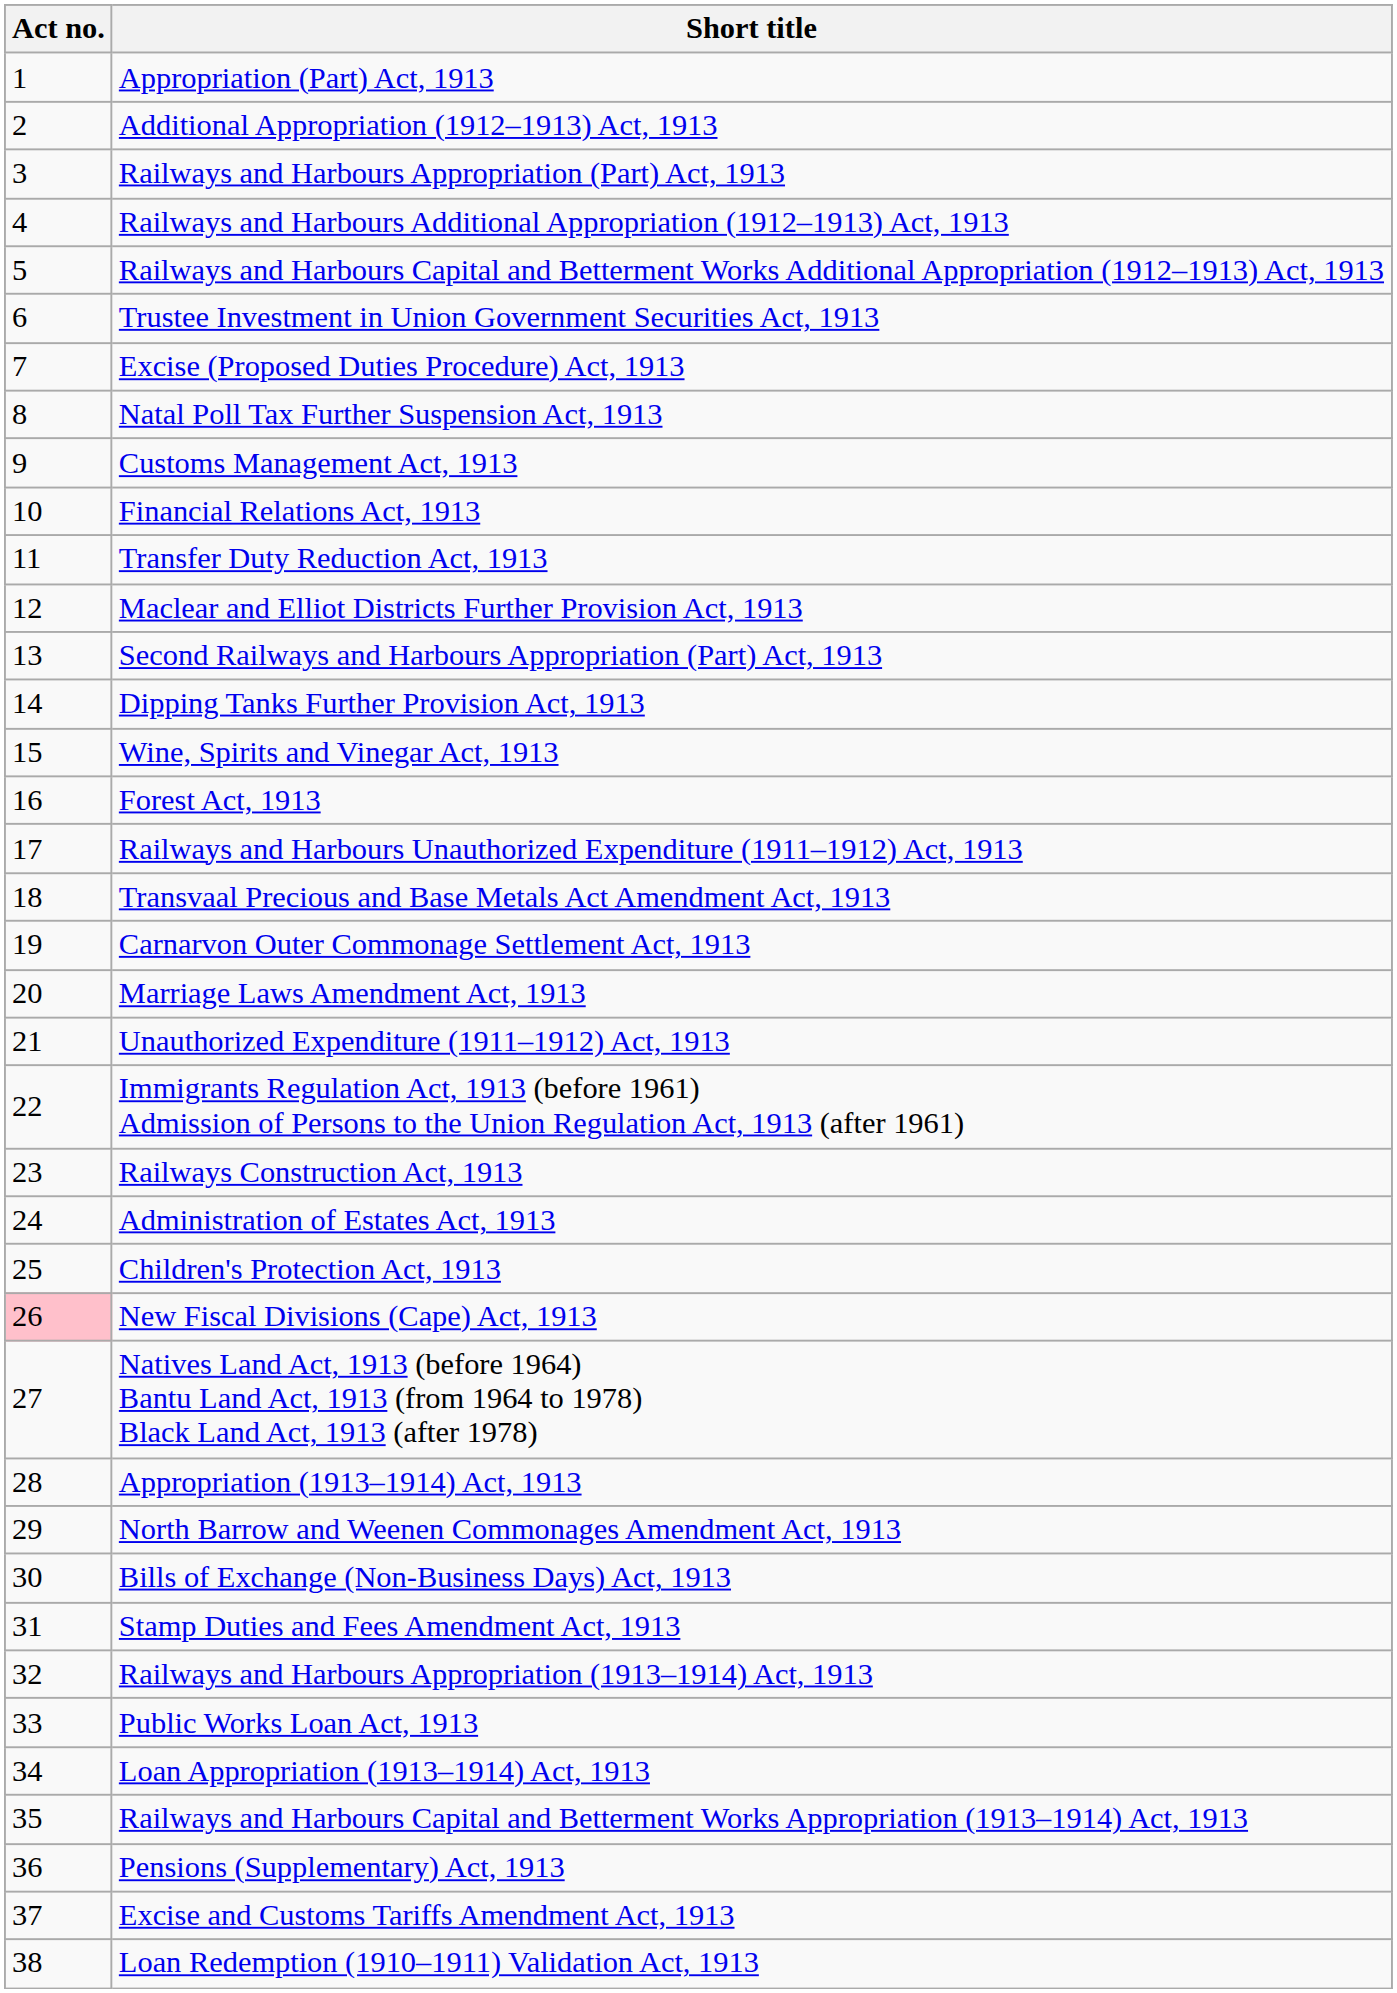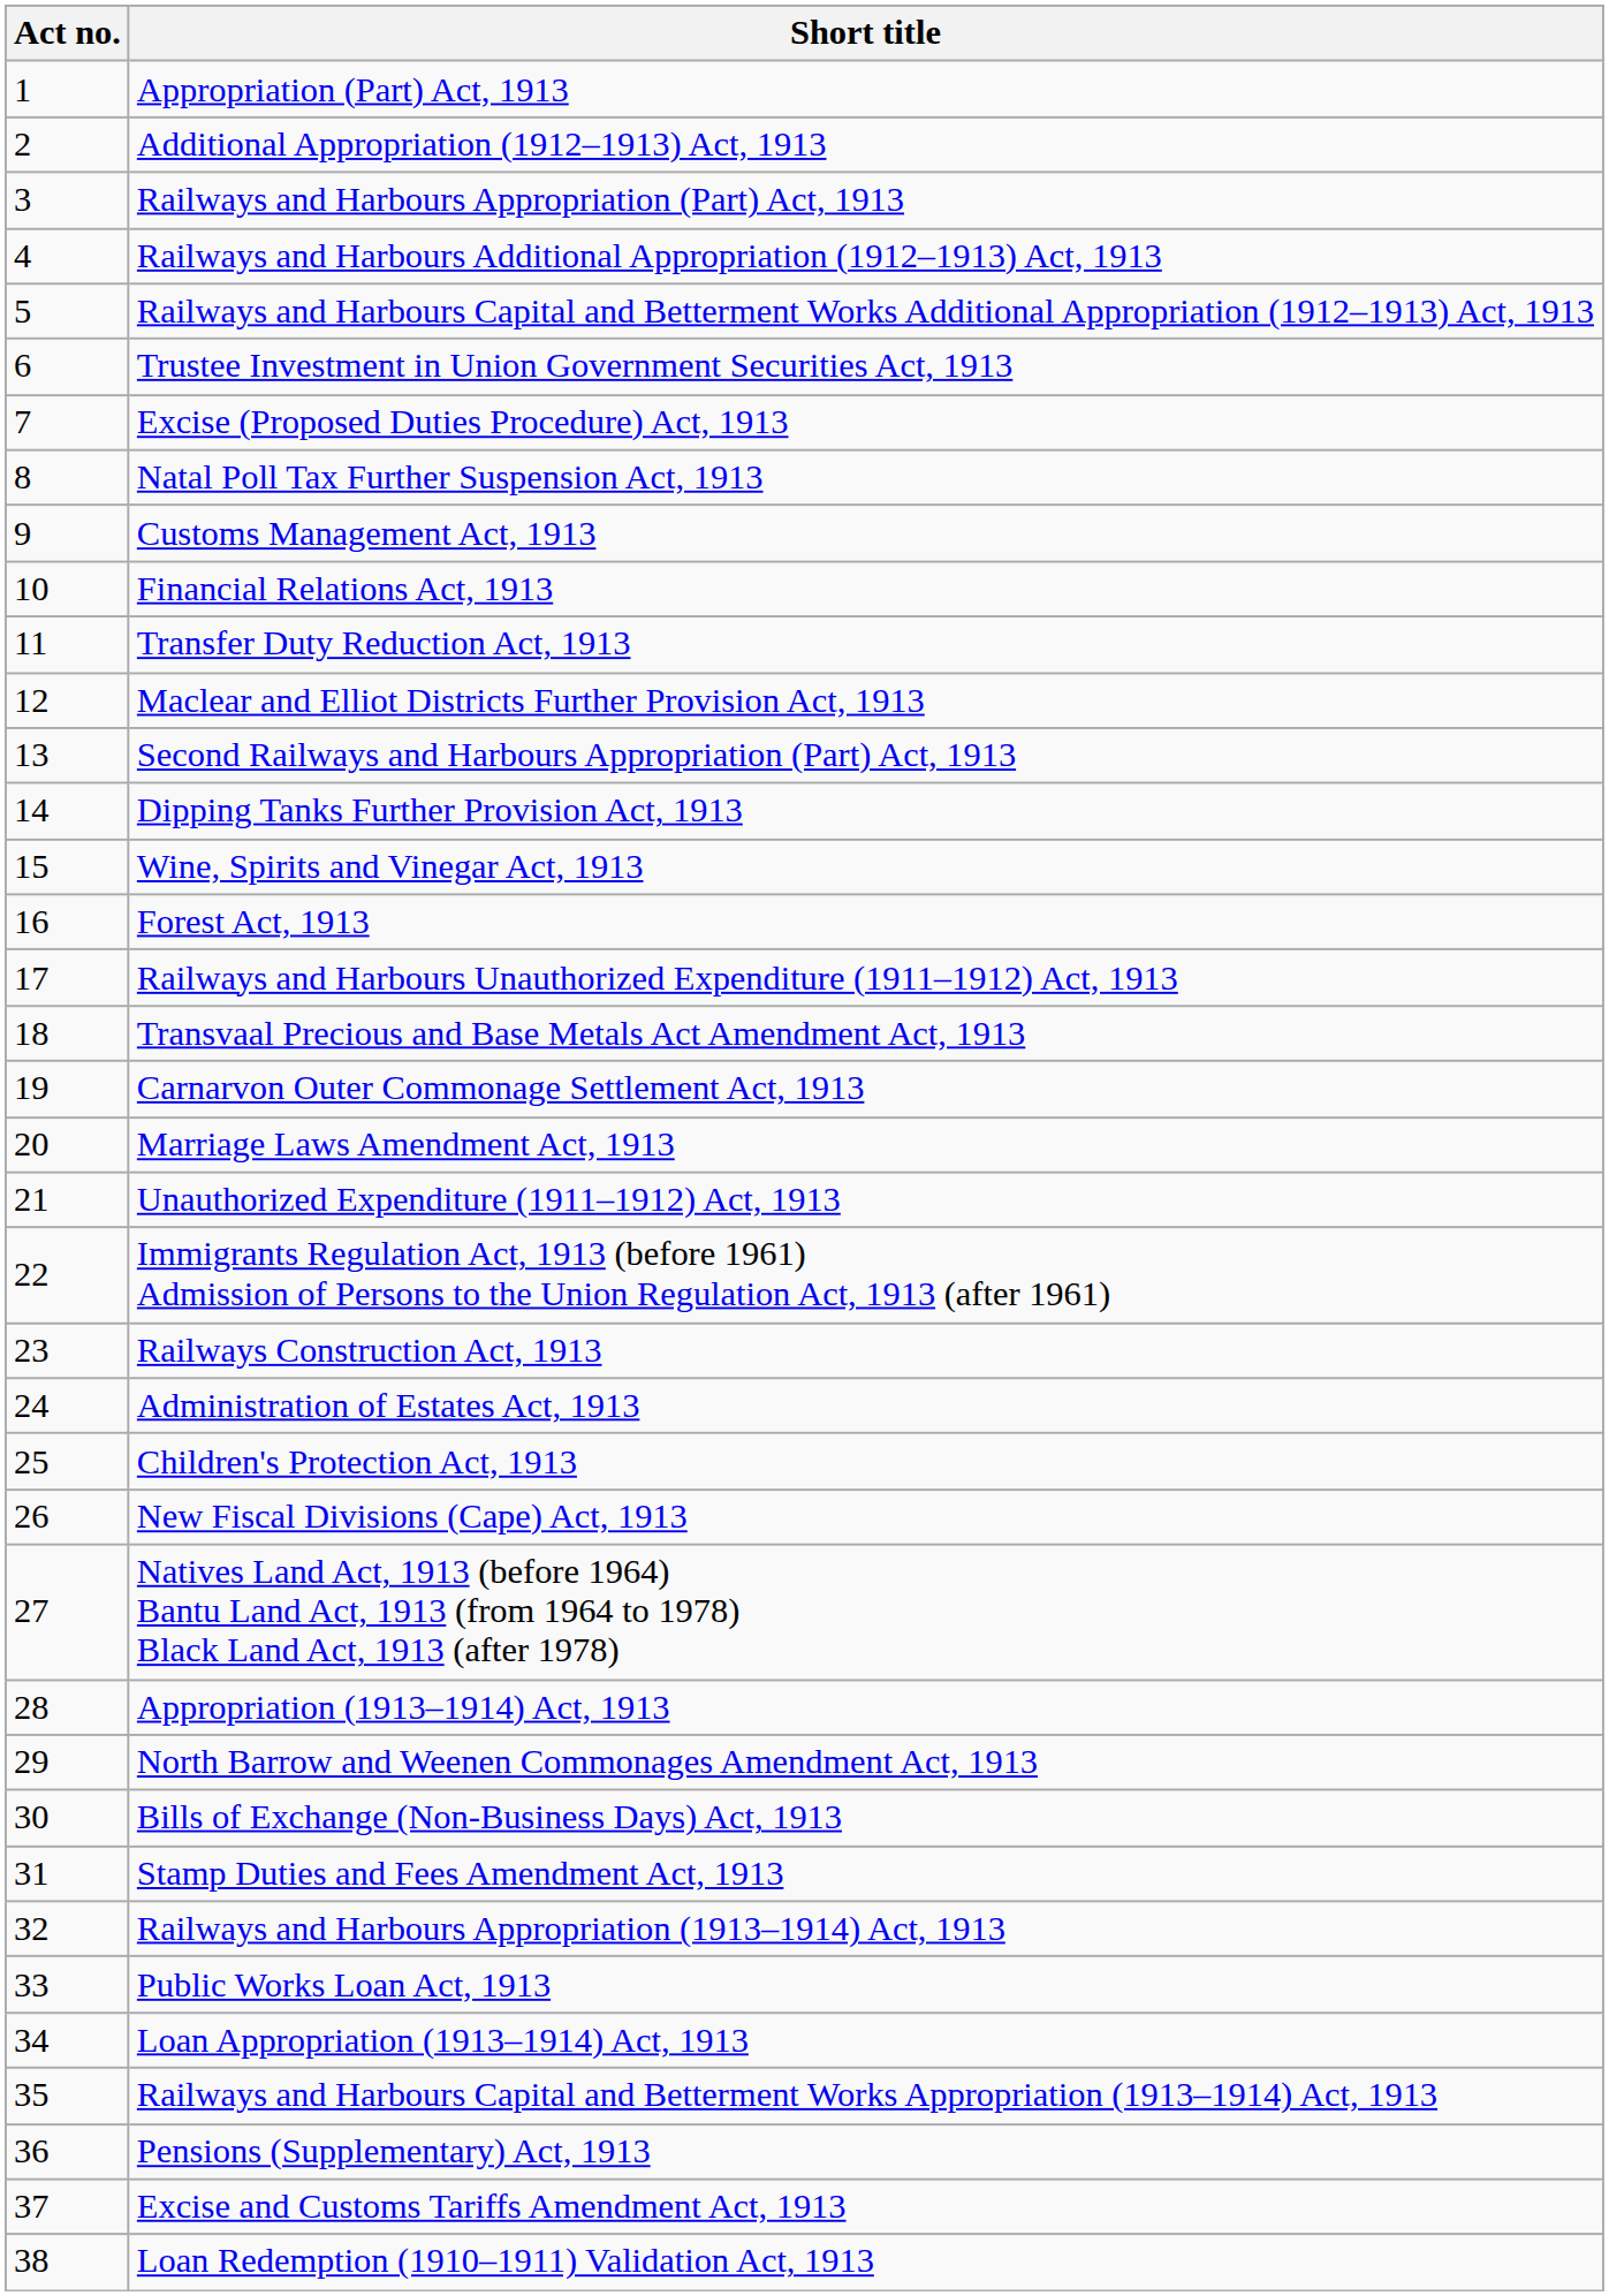 <table class="wikitable sortable">
 <tr>
 <th>Act no.</th>
 <th>Short title</th>
 </tr>
 <tr>
 <td>1</td>
 <td><a href='#'>Appropriation (Part) Act, 1913</a></td>
 </tr>
 <tr>
 <td>2</td>
 <td><a href='#'>Additional Appropriation (1912–1913) Act, 1913</a></td>
 </tr>
 <tr>
 <td>3</td>
 <td><a href='#'>Railways and Harbours Appropriation (Part) Act, 1913</a></td>
 </tr>
 <tr>
 <td>4</td>
 <td><a href='#'>Railways and Harbours Additional Appropriation (1912–1913) Act, 1913</a></td>
 </tr>
 <tr>
 <td>5</td>
 <td><a href='#'>Railways and Harbours Capital and Betterment Works Additional Appropriation (1912–1913) Act, 1913</a></td>
 </tr>
 <tr>
 <td>6</td>
 <td><a href='#'>Trustee Investment in Union Government Securities Act, 1913</a></td>
 </tr>
 <tr>
 <td>7</td>
 <td><a href='#'>Excise (Proposed Duties Procedure) Act, 1913</a></td>
 </tr>
 <tr>
 <td>8</td>
 <td><a href='#'>Natal Poll Tax Further Suspension Act, 1913</a></td>
 </tr>
 <tr>
 <td>9</td>
 <td><a href='#'>Customs Management Act, 1913</a></td>
 </tr>
 <tr>
 <td>10</td>
 <td><a href='#'>Financial Relations Act, 1913</a></td>
 </tr>
 <tr>
 <td>11</td>
 <td><a href='#'>Transfer Duty Reduction Act, 1913</a></td>
 </tr>
 <tr>
 <td>12</td>
 <td><a href='#'>Maclear and Elliot Districts Further Provision Act, 1913</a></td>
 </tr>
 <tr>
 <td>13</td>
 <td><a href='#'>Second Railways and Harbours Appropriation (Part) Act, 1913</a></td>
 </tr>
 <tr>
 <td>14</td>
 <td><a href='#'>Dipping Tanks Further Provision Act, 1913</a></td>
 </tr>
 <tr>
 <td>15</td>
 <td><a href='#'>Wine, Spirits and Vinegar Act, 1913</a></td>
 </tr>
 <tr>
 <td>16</td>
 <td><a href='#'>Forest Act, 1913</a></td>
 </tr>
 <tr>
 <td>17</td>
 <td><a href='#'>Railways and Harbours Unauthorized Expenditure (1911–1912) Act, 1913</a></td>
 </tr>
 <tr>
 <td>18</td>
 <td><a href='#'>Transvaal Precious and Base Metals Act Amendment Act, 1913</a></td>
 </tr>
 <tr>
 <td>19</td>
 <td><a href='#'>Carnarvon Outer Commonage Settlement Act, 1913</a></td>
 </tr>
 <tr>
 <td>20</td>
 <td><a href='#'>Marriage Laws Amendment Act, 1913</a></td>
 </tr>
 <tr>
 <td>21</td>
 <td><a href='#'>Unauthorized Expenditure (1911–1912) Act, 1913</a></td>
 </tr>
 <tr>
 <td>22</td>
 <td><a href='#'>Immigrants Regulation Act, 1913</a> (before 1961) <br><a href='#'>Admission of Persons to the Union Regulation Act, 1913</a> (after 1961)</td>
 </tr>
 <tr>
 <td>23</td>
 <td><a href='#'>Railways Construction Act, 1913</a></td>
 </tr>
 <tr>
 <td>24</td>
 <td><a href='#'>Administration of Estates Act, 1913</a></td>
 </tr>
 <tr>
 <td>25</td>
 <td><a href='#'>Children's Protection Act, 1913</a></td>
 </tr>
 <tr>
-<td style="background: pink;">26</td>
+<td>26</td>
 <td><a href='#'>New Fiscal Divisions (Cape) Act, 1913</a></td>
 </tr>
 <tr>
 <td>27</td>
 <td><a href='#'>Natives Land Act, 1913</a> (before 1964) <br><a href='#'>Bantu Land Act, 1913</a> (from 1964 to 1978) <br><a href='#'>Black Land Act, 1913</a> (after 1978)</td>
 </tr>
 <tr>
 <td>28</td>
 <td><a href='#'>Appropriation (1913–1914) Act, 1913</a></td>
 </tr>
 <tr>
 <td>29</td>
 <td><a href='#'>North Barrow and Weenen Commonages Amendment Act, 1913</a></td>
 </tr>
 <tr>
 <td>30</td>
 <td><a href='#'>Bills of Exchange (Non-Business Days) Act, 1913</a></td>
 </tr>
 <tr>
 <td>31</td>
 <td><a href='#'>Stamp Duties and Fees Amendment Act, 1913</a></td>
 </tr>
 <tr>
 <td>32</td>
 <td><a href='#'>Railways and Harbours Appropriation (1913–1914) Act, 1913</a></td>
 </tr>
 <tr>
 <td>33</td>
 <td><a href='#'>Public Works Loan Act, 1913</a></td>
 </tr>
 <tr>
 <td>34</td>
 <td><a href='#'>Loan Appropriation (1913–1914) Act, 1913</a></td>
 </tr>
 <tr>
 <td>35</td>
 <td><a href='#'>Railways and Harbours Capital and Betterment Works Appropriation (1913–1914) Act, 1913</a></td>
 </tr>
 <tr>
 <td>36</td>
 <td><a href='#'>Pensions (Supplementary) Act, 1913</a></td>
 </tr>
 <tr>
 <td>37</td>
 <td><a href='#'>Excise and Customs Tariffs Amendment Act, 1913</a></td>
 </tr>
 <tr>
 <td>38</td>
 <td><a href='#'>Loan Redemption (1910–1911) Validation Act, 1913</a></td>
 </tr>
 </table>
